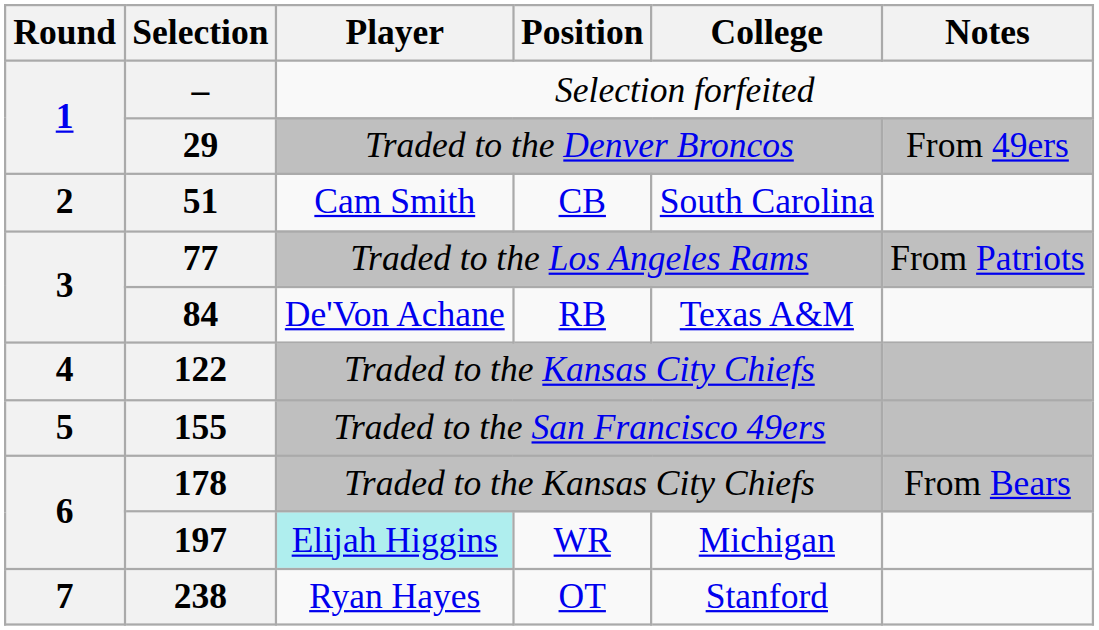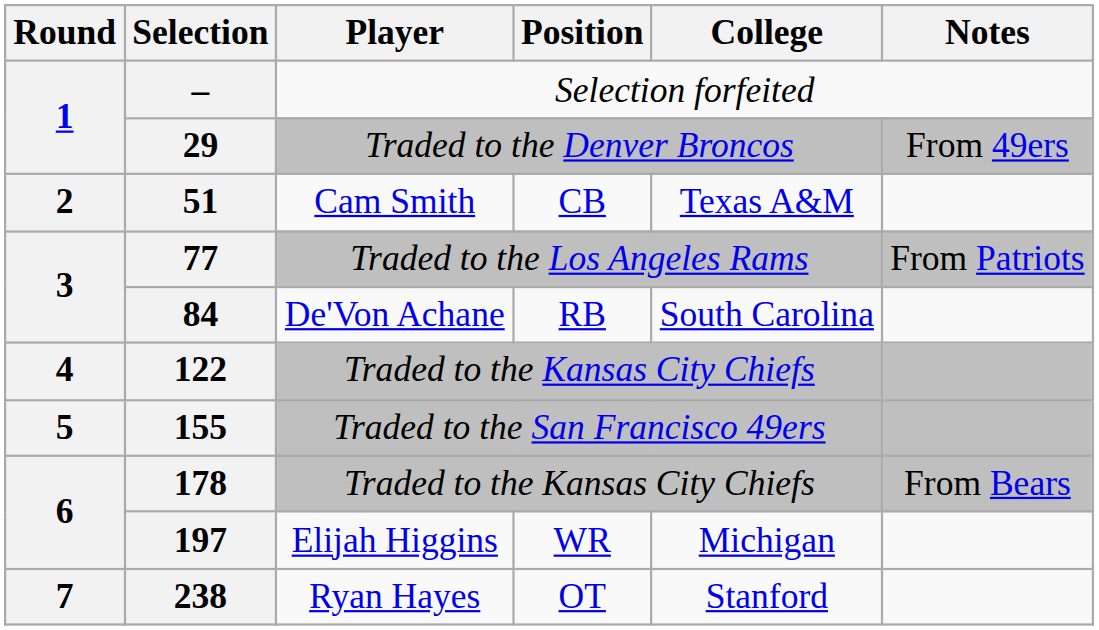 <table class="wikitable" style="text-align:center">
 <tr>
 <th scope="col">Round</th>
 <th scope="col">Selection</th>
 <th scope="col">Player</th>
 <th scope="col">Position</th>
 <th scope="col">College</th>
 <th scope="col">Notes</th>
 </tr>
 <tr>
 <th rowspan="2"><a href='#'>1</a></th>
 <th>–</th>
 <td scope="row" colspan="4"><em>Selection forfeited</em></td>
 </tr>
 <tr>
 <th>29</th>
 <td scope="row" colspan="3" style="background:#BFBFBF"><em>Traded to the <a href='#'>Denver Broncos</a></em></td>
 <td style="background:#BFBFBF">From <a href='#'>49ers</a></td>
 </tr>
 <tr>
 <th>2</th>
 <th>51</th>
 <td scope="row"><a href='#'>Cam Smith</a></td>
 <td><a href='#'>CB</a></td>
-<td><a href='#'>South Carolina</a></td>
+<td><a href='#'>Texas A&M</a></td>
 <td></td>
 </tr>
 <tr>
 <th rowspan="2">3</th>
 <th>77</th>
 <td scope="row" colspan="3" style="background:#BFBFBF"><em>Traded to the <a href='#'>Los Angeles Rams</a></em></td>
 <td style="background:#BFBFBF">From <a href='#'>Patriots</a></td>
 </tr>
 <tr>
 <th>84</th>
 <td scope="row"><a href='#'>De'Von Achane</a></td>
 <td><a href='#'>RB</a></td>
-<td><a href='#'>Texas A&M</a></td>
+<td><a href='#'>South Carolina</a></td>
 <td></td>
 </tr>
 <tr>
 <th>4</th>
 <th>122</th>
 <td scope="row" colspan="3" style="background:#BFBFBF"><em>Traded to the <a href='#'>Kansas City Chiefs</a></em></td>
 <td style="background:#BFBFBF"></td>
 </tr>
 <tr>
 <th>5</th>
 <th>155</th>
 <td scope="row" colspan="3" style="background:#BFBFBF"><em>Traded to the <a href='#'>San Francisco 49ers</a></em></td>
 <td style="background:#BFBFBF"></td>
 </tr>
 <tr>
 <th rowspan="2">6</th>
 <th>178</th>
 <td colspan="3" style="background:#BFBFBF"><em>Traded to the Kansas City Chiefs</em></td>
 <td style="background:#BFBFBF">From <a href='#'>Bears</a></td>
 </tr>
 <tr>
 <th>197</th>
-<td scope="row" style="background: paleturquoise;"><a href='#'>Elijah Higgins</a></td>
+<td scope="row"><a href='#'>Elijah Higgins</a></td>
 <td><a href='#'>WR</a></td>
 <td><a href='#'>Michigan</a></td>
 <td></td>
 </tr>
 <tr>
 <th>7</th>
 <th>238</th>
 <td scope="row"><a href='#'>Ryan Hayes</a></td>
 <td><a href='#'>OT</a></td>
 <td><a href='#'>Stanford</a></td>
 <td></td>
 </tr>
 </table>
